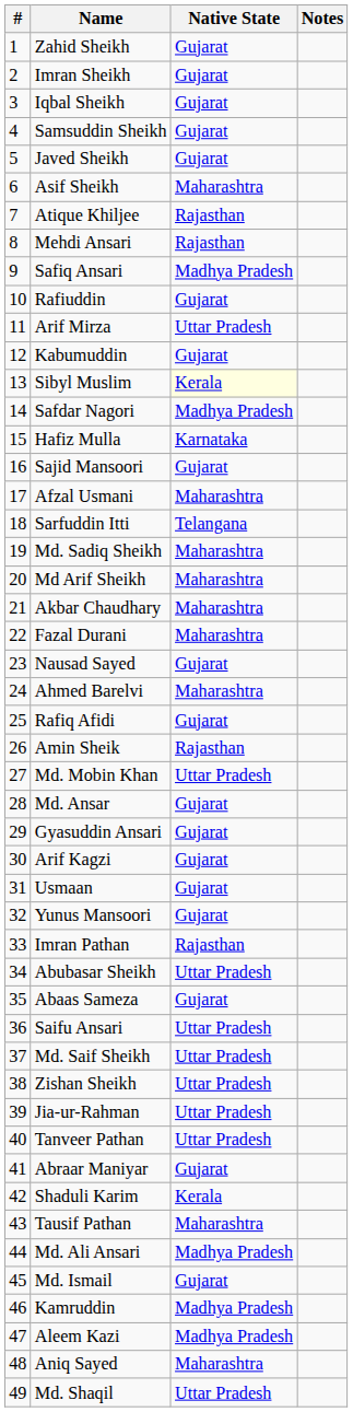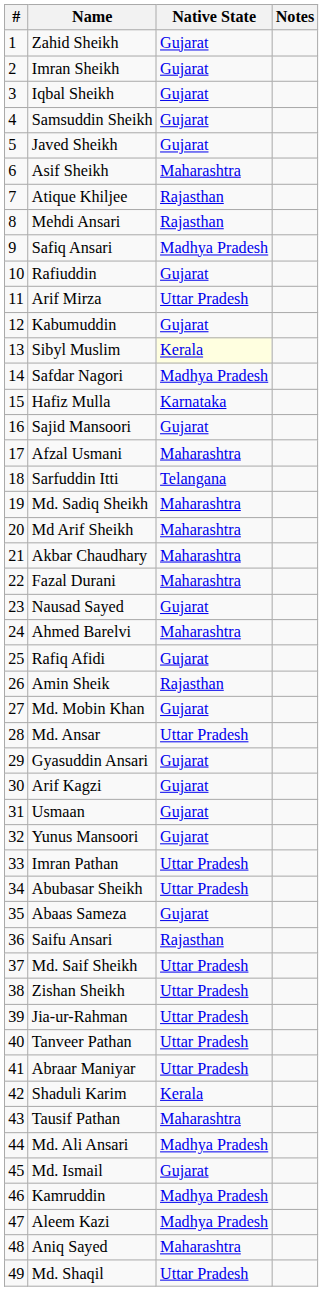 <table class="wikitable sortable">
 <tr>
 <th>#</th>
 <th>Name</th>
 <th>Native State</th>
 <th>Notes</th>
 </tr>
 <tr>
 <td>1</td>
 <td>Zahid Sheikh</td>
 <td><a href='#'>Gujarat</a></td>
 <td></td>
 </tr>
 <tr>
 <td>2</td>
 <td>Imran Sheikh</td>
 <td><a href='#'>Gujarat</a></td>
 <td></td>
 </tr>
 <tr>
 <td>3</td>
 <td>Iqbal Sheikh</td>
 <td><a href='#'>Gujarat</a></td>
 <td></td>
 </tr>
 <tr>
 <td>4</td>
 <td>Samsuddin Sheikh</td>
 <td><a href='#'>Gujarat</a></td>
 <td></td>
 </tr>
 <tr>
 <td>5</td>
 <td>Javed Sheikh</td>
 <td><a href='#'>Gujarat</a></td>
 <td></td>
 </tr>
 <tr>
 <td>6</td>
 <td>Asif Sheikh</td>
 <td><a href='#'>Maharashtra</a></td>
 <td></td>
 </tr>
 <tr>
 <td>7</td>
 <td>Atique Khiljee</td>
 <td><a href='#'>Rajasthan</a></td>
 <td></td>
 </tr>
 <tr>
 <td>8</td>
 <td>Mehdi Ansari</td>
 <td><a href='#'>Rajasthan</a></td>
 <td></td>
 </tr>
 <tr>
 <td>9</td>
 <td>Safiq Ansari</td>
 <td><a href='#'>Madhya Pradesh</a></td>
 <td></td>
 </tr>
 <tr>
 <td>10</td>
 <td>Rafiuddin</td>
 <td><a href='#'>Gujarat</a></td>
 <td></td>
 </tr>
 <tr>
 <td>11</td>
 <td>Arif Mirza</td>
 <td><a href='#'>Uttar Pradesh</a></td>
 <td></td>
 </tr>
 <tr>
 <td>12</td>
 <td>Kabumuddin</td>
 <td><a href='#'>Gujarat</a></td>
 <td></td>
 </tr>
 <tr>
 <td>13</td>
 <td>Sibyl Muslim</td>
 <td style="background: lightyellow;"><a href='#'>Kerala</a></td>
 <td></td>
 </tr>
 <tr>
 <td>14</td>
 <td>Safdar Nagori</td>
 <td><a href='#'>Madhya Pradesh</a></td>
 <td></td>
 </tr>
 <tr>
 <td>15</td>
 <td>Hafiz Mulla</td>
 <td><a href='#'>Karnataka</a></td>
 <td></td>
 </tr>
 <tr>
 <td>16</td>
 <td>Sajid Mansoori</td>
 <td><a href='#'>Gujarat</a></td>
 <td></td>
 </tr>
 <tr>
 <td>17</td>
 <td>Afzal Usmani</td>
 <td><a href='#'>Maharashtra</a></td>
 <td></td>
 </tr>
 <tr>
 <td>18</td>
 <td>Sarfuddin Itti</td>
 <td><a href='#'>Telangana</a></td>
 <td></td>
 </tr>
 <tr>
 <td>19</td>
 <td>Md. Sadiq Sheikh</td>
 <td><a href='#'>Maharashtra</a></td>
 <td></td>
 </tr>
 <tr>
 <td>20</td>
 <td>Md Arif Sheikh</td>
 <td><a href='#'>Maharashtra</a></td>
 <td></td>
 </tr>
 <tr>
 <td>21</td>
 <td>Akbar Chaudhary</td>
 <td><a href='#'>Maharashtra</a></td>
 <td></td>
 </tr>
 <tr>
 <td>22</td>
 <td>Fazal Durani</td>
 <td><a href='#'>Maharashtra</a></td>
 <td></td>
 </tr>
 <tr>
 <td>23</td>
 <td>Nausad Sayed</td>
 <td><a href='#'>Gujarat</a></td>
 <td></td>
 </tr>
 <tr>
 <td>24</td>
 <td>Ahmed Barelvi</td>
 <td><a href='#'>Maharashtra</a></td>
 <td></td>
 </tr>
 <tr>
 <td>25</td>
 <td>Rafiq Afidi</td>
 <td><a href='#'>Gujarat</a></td>
 <td></td>
 </tr>
 <tr>
 <td>26</td>
 <td>Amin Sheik</td>
 <td><a href='#'>Rajasthan</a></td>
 <td></td>
 </tr>
 <tr>
 <td>27</td>
 <td>Md. Mobin Khan</td>
-<td><a href='#'>Uttar Pradesh</a></td>
+<td><a href='#'>Gujarat</a></td>
 <td></td>
 </tr>
 <tr>
 <td>28</td>
 <td>Md. Ansar</td>
-<td><a href='#'>Gujarat</a></td>
+<td><a href='#'>Uttar Pradesh</a></td>
 <td></td>
 </tr>
 <tr>
 <td>29</td>
 <td>Gyasuddin Ansari</td>
 <td><a href='#'>Gujarat</a></td>
 <td></td>
 </tr>
 <tr>
 <td>30</td>
 <td>Arif Kagzi</td>
 <td><a href='#'>Gujarat</a></td>
 <td></td>
 </tr>
 <tr>
 <td>31</td>
 <td>Usmaan</td>
 <td><a href='#'>Gujarat</a></td>
 <td></td>
 </tr>
 <tr>
 <td>32</td>
 <td>Yunus Mansoori</td>
 <td><a href='#'>Gujarat</a></td>
 <td></td>
 </tr>
 <tr>
 <td>33</td>
 <td>Imran Pathan</td>
-<td><a href='#'>Rajasthan</a></td>
+<td><a href='#'>Uttar Pradesh</a></td>
 <td></td>
 </tr>
 <tr>
 <td>34</td>
 <td>Abubasar Sheikh</td>
 <td><a href='#'>Uttar Pradesh</a></td>
 <td></td>
 </tr>
 <tr>
 <td>35</td>
 <td>Abaas Sameza</td>
 <td><a href='#'>Gujarat</a></td>
 <td></td>
 </tr>
 <tr>
 <td>36</td>
 <td>Saifu Ansari</td>
-<td><a href='#'>Uttar Pradesh</a></td>
+<td><a href='#'>Rajasthan</a></td>
 <td></td>
 </tr>
 <tr>
 <td>37</td>
 <td>Md. Saif Sheikh</td>
 <td><a href='#'>Uttar Pradesh</a></td>
 <td></td>
 </tr>
 <tr>
 <td>38</td>
 <td>Zishan Sheikh</td>
 <td><a href='#'>Uttar Pradesh</a></td>
 <td></td>
 </tr>
 <tr>
 <td>39</td>
 <td>Jia-ur-Rahman</td>
 <td><a href='#'>Uttar Pradesh</a></td>
 <td></td>
 </tr>
 <tr>
 <td>40</td>
 <td>Tanveer Pathan</td>
 <td><a href='#'>Uttar Pradesh</a></td>
 <td></td>
 </tr>
 <tr>
 <td>41</td>
 <td>Abraar Maniyar</td>
-<td><a href='#'>Gujarat</a></td>
+<td><a href='#'>Uttar Pradesh</a></td>
 <td></td>
 </tr>
 <tr>
 <td>42</td>
 <td>Shaduli Karim</td>
 <td><a href='#'>Kerala</a></td>
 <td></td>
 </tr>
 <tr>
 <td>43</td>
 <td>Tausif Pathan</td>
 <td><a href='#'>Maharashtra</a></td>
 <td></td>
 </tr>
 <tr>
 <td>44</td>
 <td>Md. Ali Ansari</td>
 <td><a href='#'>Madhya Pradesh</a></td>
 <td></td>
 </tr>
 <tr>
 <td>45</td>
 <td>Md. Ismail</td>
 <td><a href='#'>Gujarat</a></td>
 <td></td>
 </tr>
 <tr>
 <td>46</td>
 <td>Kamruddin</td>
 <td><a href='#'>Madhya Pradesh</a></td>
 <td></td>
 </tr>
 <tr>
 <td>47</td>
 <td>Aleem Kazi</td>
 <td><a href='#'>Madhya Pradesh</a></td>
 <td></td>
 </tr>
 <tr>
 <td>48</td>
 <td>Aniq Sayed</td>
 <td><a href='#'>Maharashtra</a></td>
 <td></td>
 </tr>
 <tr>
 <td>49</td>
 <td>Md. Shaqil</td>
 <td><a href='#'>Uttar Pradesh</a></td>
 <td></td>
 </tr>
 </table>
